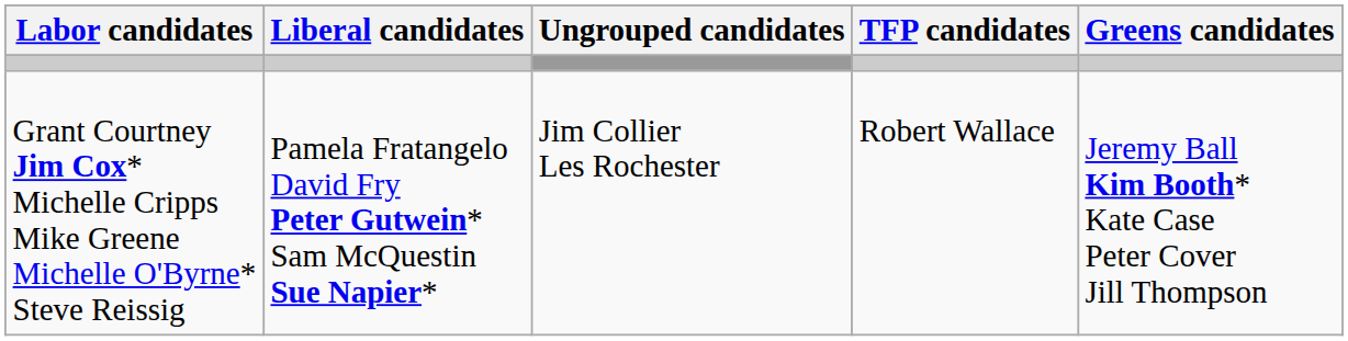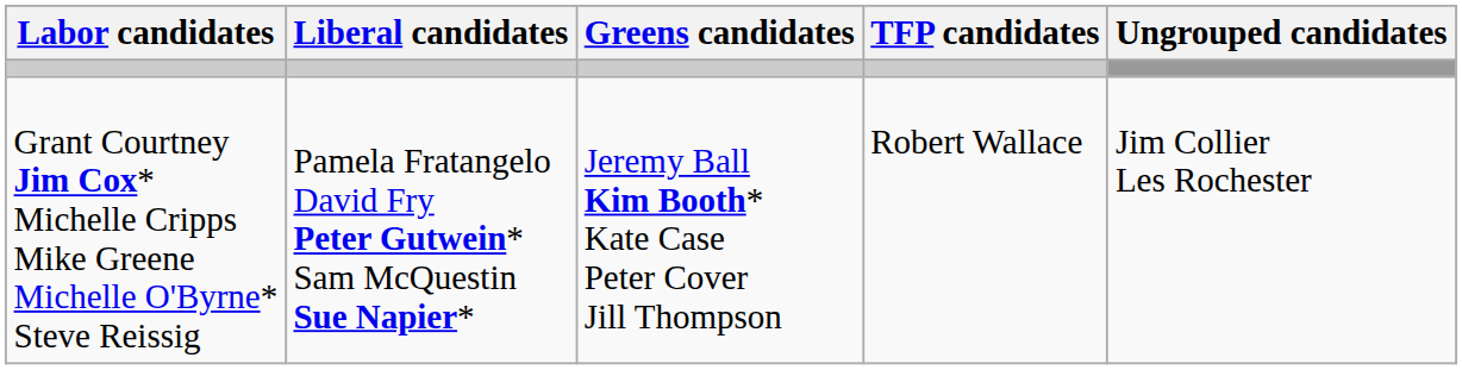 <table class="wikitable">
 <tr>
 <th><a href='#'>Labor</a> candidates</th>
 <th><a href='#'>Liberal</a> candidates</th>
+<th><a href='#'>Greens</a> candidates</th>
+<th><a href='#'>TFP</a> candidates</th>
 <th>Ungrouped candidates</th>
-<th><a href='#'>TFP</a> candidates</th>
-<th><a href='#'>Greens</a> candidates</th>
 </tr>
 <tr bgcolor="#cccccc">
 <td></td>
 <td></td>
-<td bgcolor="#999999"></td>
 <td></td>
 <td></td>
+<td bgcolor="#999999"></td>
 </tr>
 <tr>
 <td><br>Grant Courtney<br> <strong><a href='#'>Jim Cox</a></strong>*<br> Michelle Cripps<br> Mike Greene<br> <a href='#'>Michelle O'Byrne</a>*<br> Steve Reissig</td>
 <td><br>Pamela Fratangelo<br> <a href='#'>David Fry</a><br> <strong><a href='#'>Peter Gutwein</a></strong>*<br> Sam McQuestin<br> <strong><a href='#'>Sue Napier</a></strong>*<br></td>
+<td><br><a href='#'>Jeremy Ball</a><br> <strong><a href='#'>Kim Booth</a></strong>*<br> Kate Case<br> Peter Cover<br> Jill Thompson</td>
+<td valign=top><br>Robert Wallace</td>
 <td valign=top><br>Jim Collier<br> Les Rochester</td>
-<td valign=top><br>Robert Wallace</td>
-<td><br><a href='#'>Jeremy Ball</a><br> <strong><a href='#'>Kim Booth</a></strong>*<br> Kate Case<br> Peter Cover<br> Jill Thompson</td>
 </tr>
 </table>
